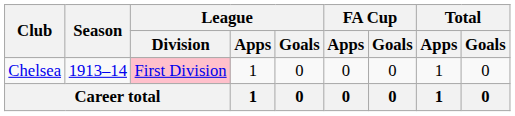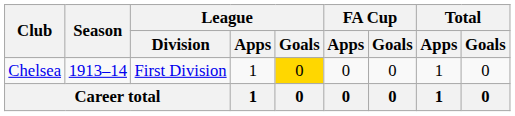 <table class="wikitable" style="text-align: center;">
 <tr>
 <th rowspan="2">Club</th>
 <th rowspan="2">Season</th>
 <th colspan="3">League</th>
 <th colspan="2">FA Cup</th>
 <th colspan="2">Total</th>
 </tr>
 <tr>
 <th>Division</th>
 <th>Apps</th>
 <th>Goals</th>
 <th>Apps</th>
 <th>Goals</th>
 <th>Apps</th>
 <th>Goals</th>
 </tr>
 <tr>
 <td><a href='#'>Chelsea</a></td>
 <td><a href='#'>1913–14</a></td>
-<td style="background: pink;"><a href='#'>First Division</a></td>
+<td><a href='#'>First Division</a></td>
 <td>1</td>
-<td>0</td>
+<td style="background: gold;">0</td>
 <td>0</td>
 <td>0</td>
 <td>1</td>
 <td>0</td>
 </tr>
 <tr>
 <th colspan="3">Career total</th>
 <th>1</th>
 <th>0</th>
 <th>0</th>
 <th>0</th>
 <th>1</th>
 <th>0</th>
 </tr>
 </table>
